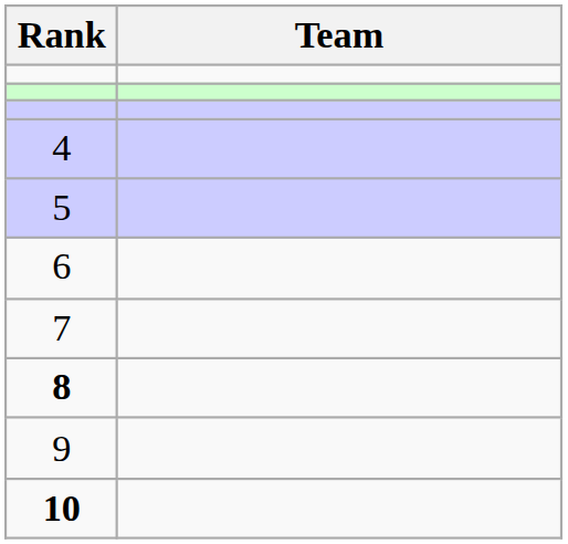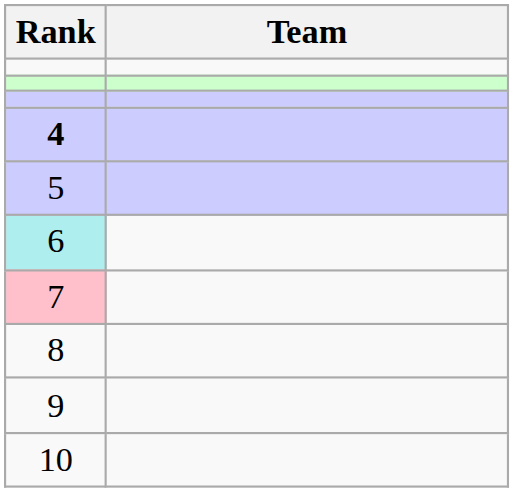 <table class="wikitable" style="text-align: center;">
 <tr>
 <th width=40>Rank</th>
 <th width=180>Team</th>
 </tr>
 <tr>
 <td></td>
 <td align=left></td>
 </tr>
 <tr bgcolor=ccffcc>
 <td></td>
 <td align=left></td>
 </tr>
 <tr bgcolor=ccccff>
 <td></td>
 <td align=left></td>
 </tr>
 <tr bgcolor=ccccff>
-<td>4</td>
+<td><strong>4</strong></td>
 <td align=left></td>
 </tr>
 <tr bgcolor=ccccff>
 <td>5</td>
 <td align=left></td>
 </tr>
 <tr>
-<td>6</td>
+<td style="background: paleturquoise;">6</td>
 <td align=left></td>
 </tr>
 <tr>
-<td>7</td>
+<td style="background: pink;">7</td>
 <td align=left></td>
 </tr>
 <tr>
-<td><strong>8</strong></td>
+<td>8</td>
 <td align=left></td>
 </tr>
 <tr>
 <td>9</td>
 <td align=left></td>
 </tr>
 <tr>
-<td><strong>10</strong></td>
+<td>10</td>
 <td align=left></td>
 </tr>
 </table>
